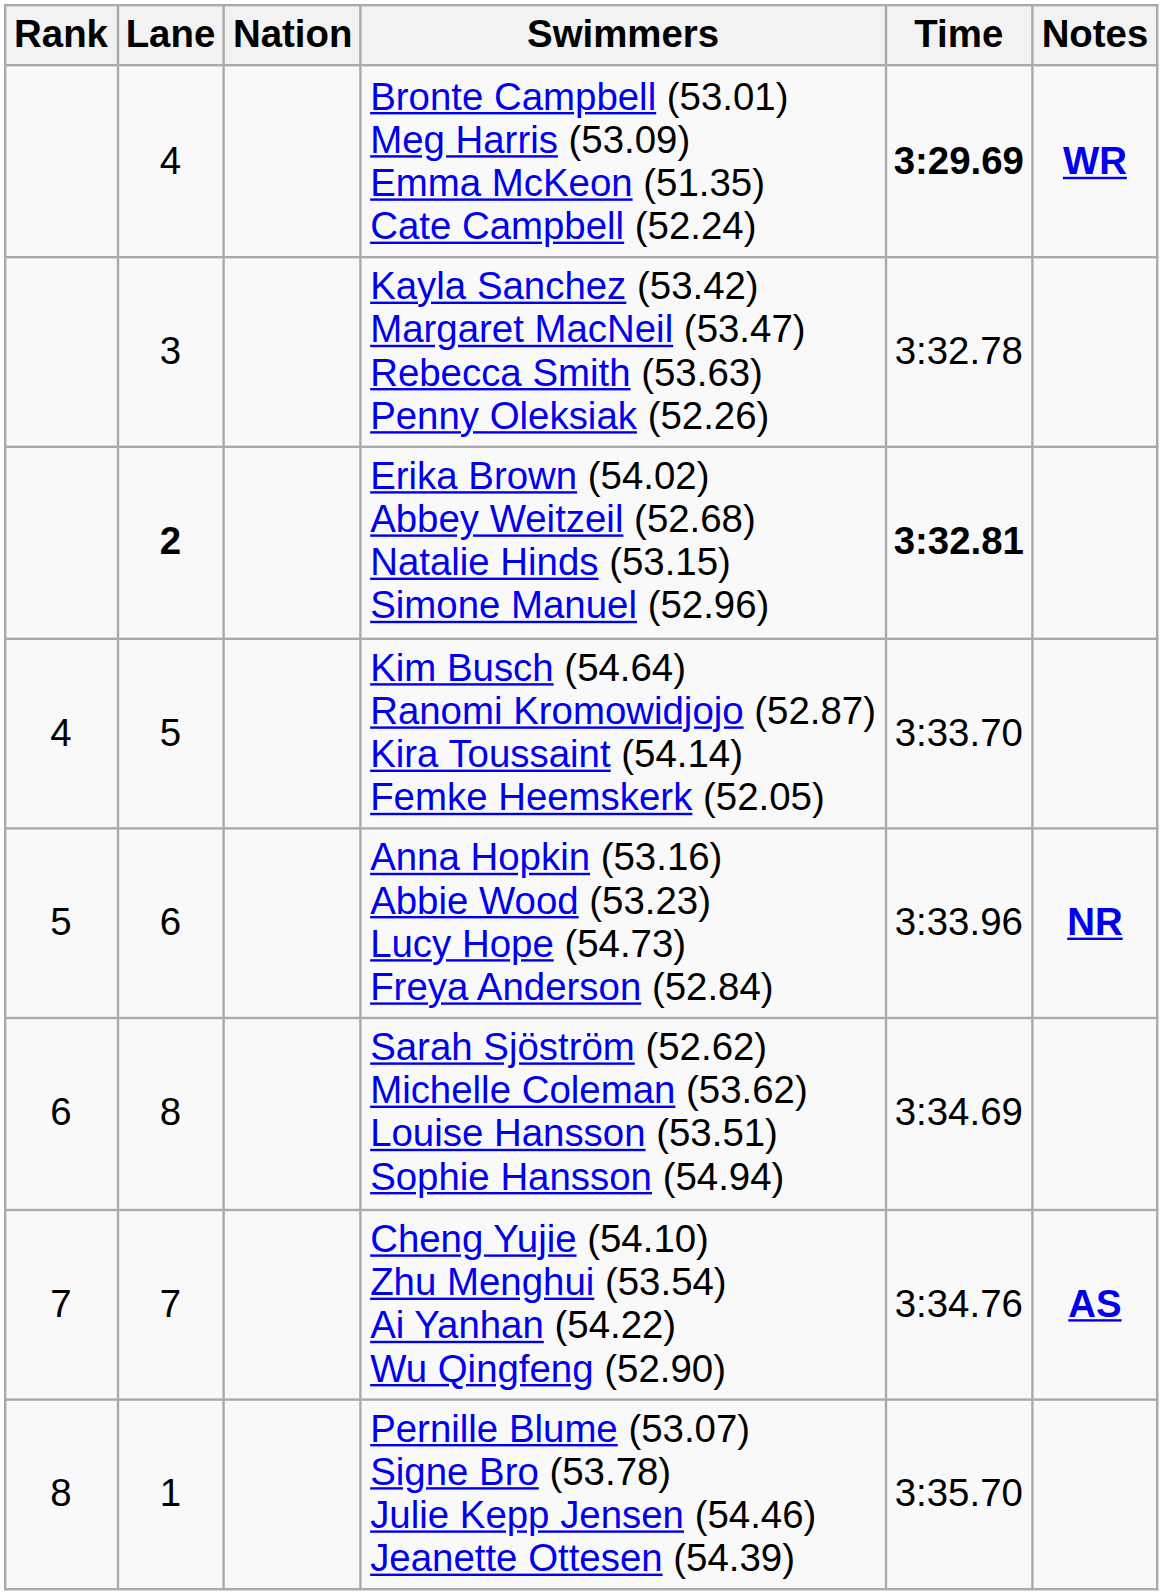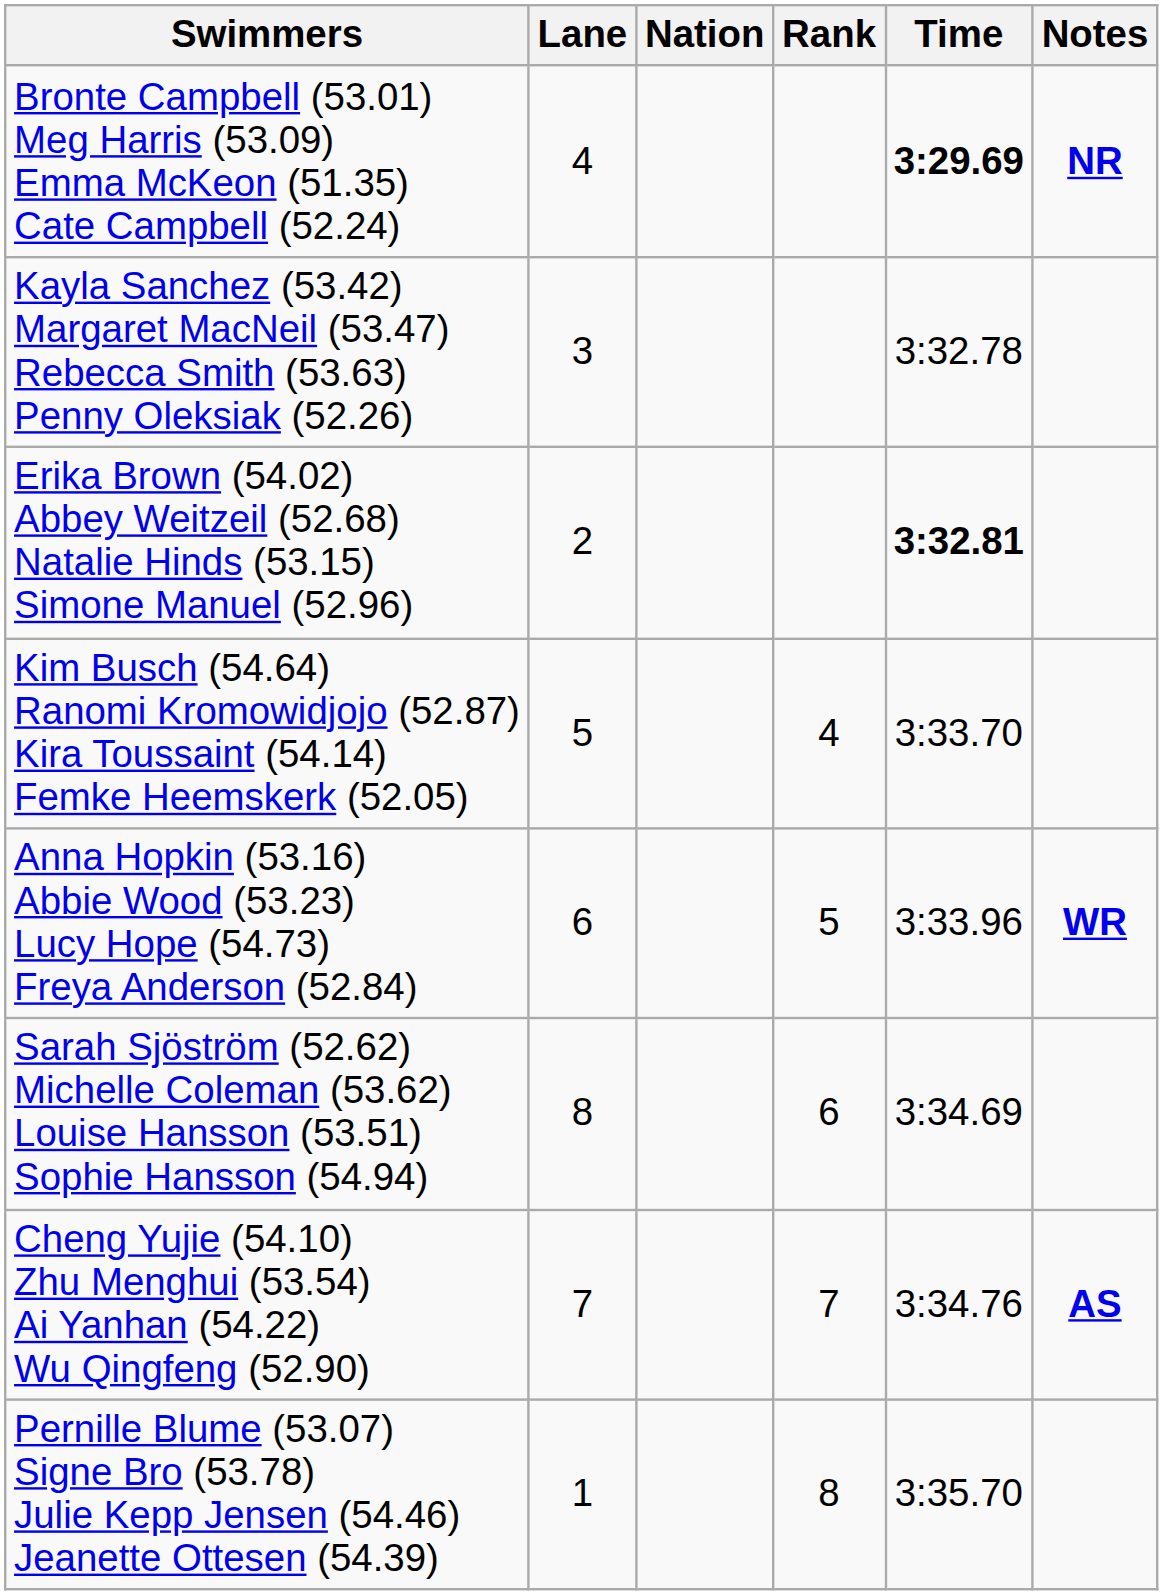 <table class="wikitable sortable" style="text-align:center">
 <tr>
-<th>Rank</th>
+<th>Swimmers</th>
 <th>Lane</th>
 <th>Nation</th>
-<th>Swimmers</th>
+<th>Rank</th>
 <th>Time</th>
 <th>Notes</th>
 </tr>
 <tr>
-<td></td>
+<td align=left><a href='#'>Bronte Campbell</a> (53.01) <br><a href='#'>Meg Harris</a> (53.09) <br><a href='#'>Emma McKeon</a> (51.35) <br><a href='#'>Cate Campbell</a> (52.24)</td>
 <td>4</td>
 <td align=left></td>
-<td align=left><a href='#'>Bronte Campbell</a> (53.01) <br><a href='#'>Meg Harris</a> (53.09) <br><a href='#'>Emma McKeon</a> (51.35) <br><a href='#'>Cate Campbell</a> (52.24)</td>
+<td></td>
 <td><strong>3:29.69</strong></td>
-<td><strong><a href='#'>WR</a></strong></td>
+<td><strong><a href='#'>NR</a></strong></td>
 </tr>
 <tr>
-<td></td>
+<td align=left><a href='#'>Kayla Sanchez</a> (53.42) <br><a href='#'>Margaret MacNeil</a> (53.47) <br><a href='#'>Rebecca Smith</a> (53.63) <br><a href='#'>Penny Oleksiak</a> (52.26)</td>
 <td>3</td>
 <td align=left></td>
-<td align=left><a href='#'>Kayla Sanchez</a> (53.42) <br><a href='#'>Margaret MacNeil</a> (53.47) <br><a href='#'>Rebecca Smith</a> (53.63) <br><a href='#'>Penny Oleksiak</a> (52.26)</td>
+<td></td>
 <td>3:32.78</td>
 <td></td>
 </tr>
 <tr>
+<td align=left><a href='#'>Erika Brown</a> (54.02) <br><a href='#'>Abbey Weitzeil</a> (52.68) <br><a href='#'>Natalie Hinds</a> (53.15) <br><a href='#'>Simone Manuel</a> (52.96)</td>
+<td>2</td>
+<td align=left></td>
 <td></td>
-<td><strong>2</strong></td>
-<td align=left></td>
-<td align=left><a href='#'>Erika Brown</a> (54.02) <br><a href='#'>Abbey Weitzeil</a> (52.68) <br><a href='#'>Natalie Hinds</a> (53.15) <br><a href='#'>Simone Manuel</a> (52.96)</td>
 <td><strong>3:32.81</strong></td>
 <td></td>
 </tr>
 <tr>
-<td>4</td>
+<td align=left><a href='#'>Kim Busch</a> (54.64) <br><a href='#'>Ranomi Kromowidjojo</a> (52.87) <br><a href='#'>Kira Toussaint</a> (54.14) <br><a href='#'>Femke Heemskerk</a> (52.05)</td>
 <td>5</td>
 <td align=left></td>
-<td align=left><a href='#'>Kim Busch</a> (54.64) <br><a href='#'>Ranomi Kromowidjojo</a> (52.87) <br><a href='#'>Kira Toussaint</a> (54.14) <br><a href='#'>Femke Heemskerk</a> (52.05)</td>
+<td>4</td>
 <td>3:33.70</td>
 <td></td>
 </tr>
 <tr>
-<td>5</td>
+<td align=left><a href='#'>Anna Hopkin</a> (53.16) <br><a href='#'>Abbie Wood</a> (53.23) <br><a href='#'>Lucy Hope</a> (54.73) <br><a href='#'>Freya Anderson</a> (52.84)</td>
 <td>6</td>
 <td align=left></td>
-<td align=left><a href='#'>Anna Hopkin</a> (53.16) <br><a href='#'>Abbie Wood</a> (53.23) <br><a href='#'>Lucy Hope</a> (54.73) <br><a href='#'>Freya Anderson</a> (52.84)</td>
+<td>5</td>
 <td>3:33.96</td>
-<td><strong><a href='#'>NR</a></strong></td>
+<td><strong><a href='#'>WR</a></strong></td>
 </tr>
 <tr>
-<td>6</td>
+<td align=left><a href='#'>Sarah Sjöström</a> (52.62)  <br><a href='#'>Michelle Coleman</a> (53.62) <br><a href='#'>Louise Hansson</a> (53.51) <br><a href='#'>Sophie Hansson</a> (54.94)</td>
 <td>8</td>
 <td align=left></td>
-<td align=left><a href='#'>Sarah Sjöström</a> (52.62)  <br><a href='#'>Michelle Coleman</a> (53.62) <br><a href='#'>Louise Hansson</a> (53.51) <br><a href='#'>Sophie Hansson</a> (54.94)</td>
+<td>6</td>
 <td>3:34.69</td>
 <td></td>
 </tr>
 <tr>
-<td>7</td>
+<td align=left><a href='#'>Cheng Yujie</a> (54.10) <br><a href='#'>Zhu Menghui</a> (53.54) <br><a href='#'>Ai Yanhan</a> (54.22) <br><a href='#'>Wu Qingfeng</a> (52.90)</td>
 <td>7</td>
 <td align=left></td>
-<td align=left><a href='#'>Cheng Yujie</a> (54.10) <br><a href='#'>Zhu Menghui</a> (53.54) <br><a href='#'>Ai Yanhan</a> (54.22) <br><a href='#'>Wu Qingfeng</a> (52.90)</td>
+<td>7</td>
 <td>3:34.76</td>
 <td><strong><a href='#'>AS</a></strong></td>
 </tr>
 <tr>
-<td>8</td>
+<td align=left><a href='#'>Pernille Blume</a> (53.07) <br><a href='#'>Signe Bro</a> (53.78) <br><a href='#'>Julie Kepp Jensen</a> (54.46) <br><a href='#'>Jeanette Ottesen</a> (54.39)</td>
 <td>1</td>
 <td align=left></td>
-<td align=left><a href='#'>Pernille Blume</a> (53.07) <br><a href='#'>Signe Bro</a> (53.78) <br><a href='#'>Julie Kepp Jensen</a> (54.46) <br><a href='#'>Jeanette Ottesen</a> (54.39)</td>
+<td>8</td>
 <td>3:35.70</td>
 <td></td>
 </tr>
 </table>
